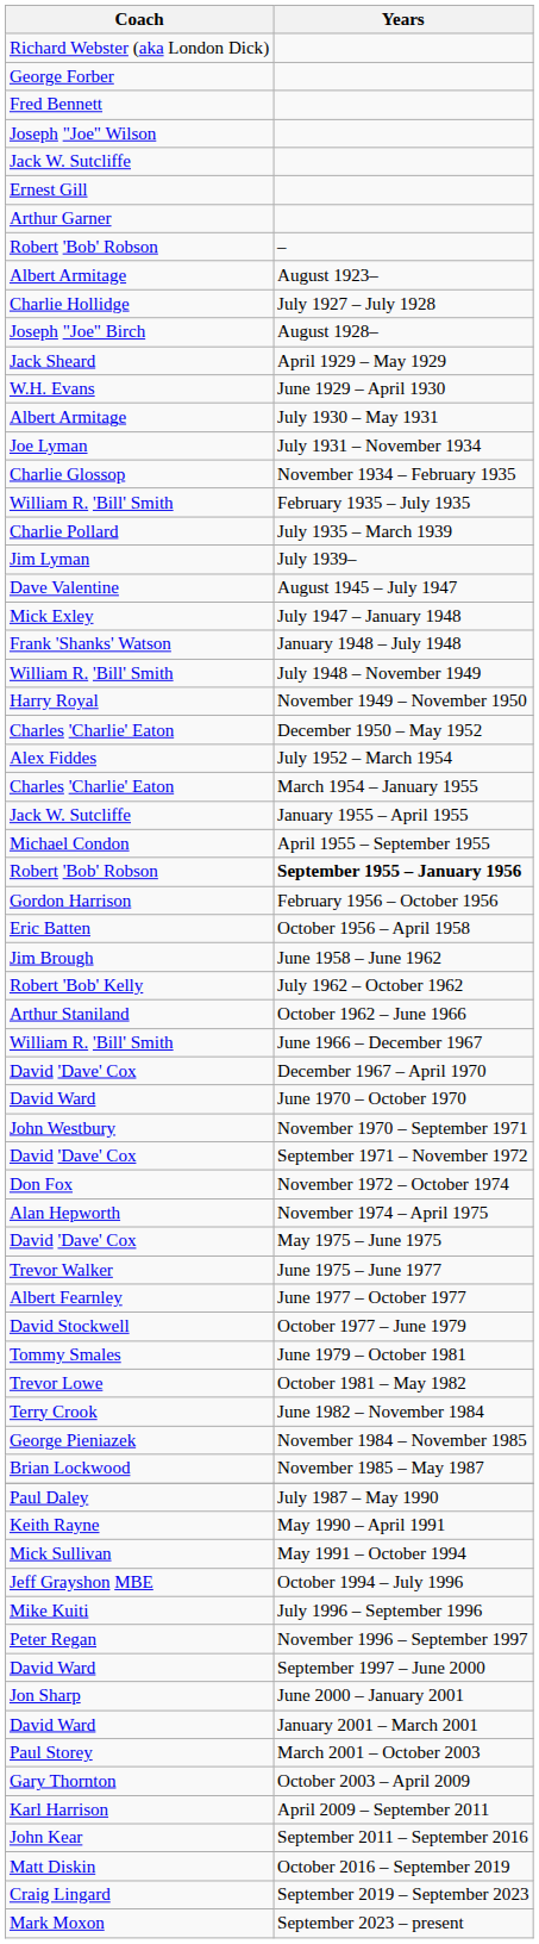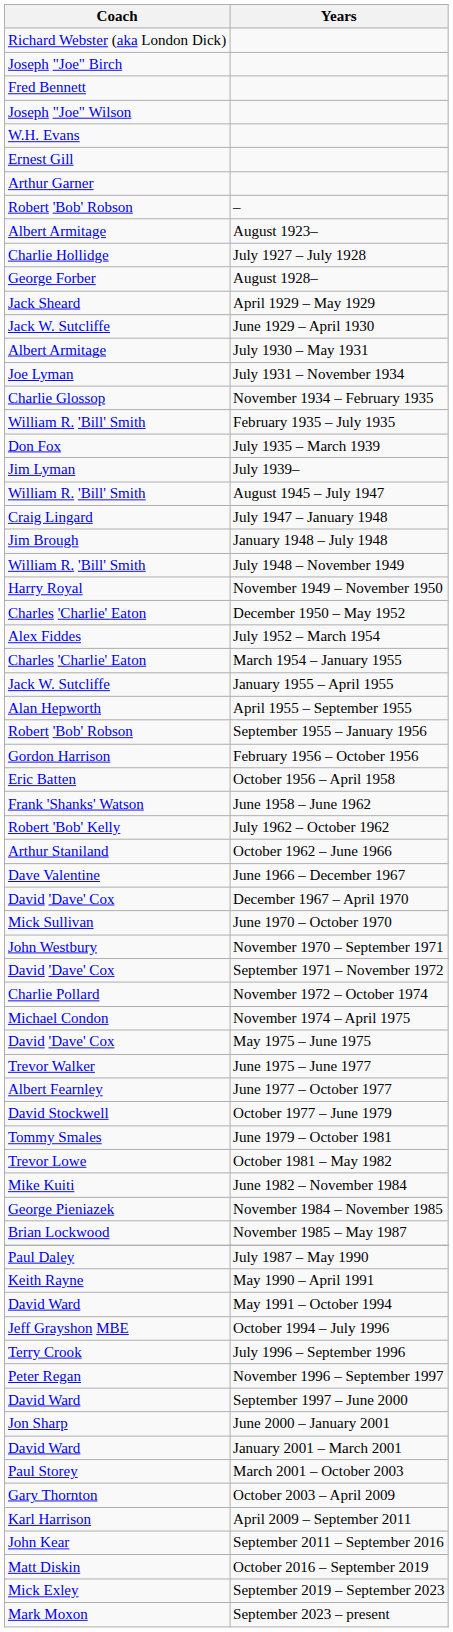 <table class="wikitable">
 <tr>
 <th>Coach</th>
 <th>Years</th>
 </tr>
 <tr>
 <td><a href='#'>Richard Webster</a> (<a href='#'>aka</a> London Dick)</td>
 <td></td>
 </tr>
 <tr>
-<td><a href='#'>George Forber</a></td>
+<td><a href='#'>Joseph</a> <a href='#'>"Joe" Birch</a></td>
 <td></td>
 </tr>
 <tr>
 <td><a href='#'>Fred Bennett</a></td>
 <td></td>
 </tr>
 <tr>
 <td><a href='#'>Joseph</a> <a href='#'>"Joe" Wilson</a></td>
 <td></td>
 </tr>
 <tr>
-<td><a href='#'>Jack W. Sutcliffe</a></td>
+<td><a href='#'>W.H. Evans</a></td>
 <td></td>
 </tr>
 <tr>
 <td><a href='#'>Ernest Gill</a></td>
 <td></td>
 </tr>
 <tr>
 <td><a href='#'>Arthur Garner</a></td>
 <td></td>
 </tr>
 <tr>
 <td><a href='#'>Robert</a> <a href='#'>'Bob' Robson</a></td>
 <td> – </td>
 </tr>
 <tr>
 <td><a href='#'>Albert Armitage</a></td>
 <td>August 1923–</td>
 </tr>
 <tr>
 <td><a href='#'>Charlie Hollidge</a></td>
 <td>July 1927 – July 1928</td>
 </tr>
 <tr>
-<td><a href='#'>Joseph</a> <a href='#'>"Joe" Birch</a></td>
+<td><a href='#'>George Forber</a></td>
 <td>August 1928–</td>
 </tr>
 <tr>
 <td><a href='#'>Jack Sheard</a></td>
 <td>April 1929 – May 1929</td>
 </tr>
 <tr>
-<td><a href='#'>W.H. Evans</a></td>
+<td><a href='#'>Jack W. Sutcliffe</a></td>
 <td>June 1929 – April 1930</td>
 </tr>
 <tr>
 <td><a href='#'>Albert Armitage</a></td>
 <td>July 1930 – May 1931</td>
 </tr>
 <tr>
 <td><a href='#'>Joe Lyman</a></td>
 <td>July 1931 – November 1934</td>
 </tr>
 <tr>
 <td><a href='#'>Charlie Glossop</a></td>
 <td>November 1934 – February 1935</td>
 </tr>
 <tr>
 <td><a href='#'>William R.</a> <a href='#'>'Bill' Smith</a></td>
 <td>February 1935 – July 1935</td>
 </tr>
 <tr>
-<td><a href='#'>Charlie Pollard</a></td>
+<td><a href='#'>Don Fox</a></td>
 <td>July 1935 – March 1939</td>
 </tr>
 <tr>
 <td><a href='#'>Jim Lyman</a></td>
 <td>July 1939–</td>
 </tr>
 <tr>
-<td><a href='#'>Dave Valentine</a></td>
+<td><a href='#'>William R.</a> <a href='#'>'Bill' Smith</a></td>
 <td>August 1945 – July 1947</td>
 </tr>
 <tr>
-<td><a href='#'>Mick Exley</a></td>
+<td><a href='#'>Craig Lingard</a></td>
 <td>July 1947 – January 1948</td>
 </tr>
 <tr>
-<td><a href='#'>Frank 'Shanks' Watson</a></td>
+<td><a href='#'>Jim Brough</a></td>
 <td>January 1948 – July 1948</td>
 </tr>
 <tr>
 <td><a href='#'>William R.</a> <a href='#'>'Bill' Smith</a></td>
 <td>July 1948 – November 1949</td>
 </tr>
 <tr>
 <td><a href='#'>Harry Royal</a></td>
 <td>November 1949 – November 1950</td>
 </tr>
 <tr>
 <td><a href='#'>Charles</a> <a href='#'>'Charlie' Eaton</a></td>
 <td>December 1950 – May 1952</td>
 </tr>
 <tr>
 <td><a href='#'>Alex Fiddes</a></td>
 <td>July 1952 – March 1954</td>
 </tr>
 <tr>
 <td><a href='#'>Charles</a> <a href='#'>'Charlie' Eaton</a></td>
 <td>March 1954 – January 1955</td>
 </tr>
 <tr>
 <td><a href='#'>Jack W. Sutcliffe</a></td>
 <td>January 1955 – April 1955</td>
 </tr>
 <tr>
-<td><a href='#'>Michael Condon</a></td>
+<td><a href='#'>Alan Hepworth</a></td>
 <td>April 1955 – September 1955</td>
 </tr>
 <tr>
 <td><a href='#'>Robert</a> <a href='#'>'Bob' Robson</a></td>
-<td><strong>September 1955 – January 1956</strong></td>
+<td>September 1955 – January 1956</td>
 </tr>
 <tr>
 <td><a href='#'>Gordon Harrison</a></td>
 <td>February 1956 – October 1956</td>
 </tr>
 <tr>
 <td><a href='#'>Eric Batten</a></td>
 <td>October 1956 – April 1958</td>
 </tr>
 <tr>
-<td><a href='#'>Jim Brough</a></td>
+<td><a href='#'>Frank 'Shanks' Watson</a></td>
 <td>June 1958 – June 1962</td>
 </tr>
 <tr>
 <td><a href='#'>Robert 'Bob' Kelly</a></td>
 <td>July 1962 – October 1962</td>
 </tr>
 <tr>
 <td><a href='#'>Arthur Staniland</a></td>
 <td>October 1962 – June 1966</td>
 </tr>
 <tr>
-<td><a href='#'>William R.</a> <a href='#'>'Bill' Smith</a></td>
+<td><a href='#'>Dave Valentine</a></td>
 <td>June 1966 – December 1967</td>
 </tr>
 <tr>
 <td><a href='#'>David</a> <a href='#'>'Dave' Cox</a></td>
 <td>December 1967 – April 1970</td>
 </tr>
 <tr>
-<td><a href='#'>David Ward</a></td>
+<td><a href='#'>Mick Sullivan</a></td>
 <td>June 1970 – October 1970</td>
 </tr>
 <tr>
 <td><a href='#'>John Westbury</a></td>
 <td>November 1970 – September 1971</td>
 </tr>
 <tr>
 <td><a href='#'>David</a> <a href='#'>'Dave' Cox</a></td>
 <td>September 1971 – November 1972</td>
 </tr>
 <tr>
-<td><a href='#'>Don Fox</a></td>
+<td><a href='#'>Charlie Pollard</a></td>
 <td>November 1972 – October 1974</td>
 </tr>
 <tr>
-<td><a href='#'>Alan Hepworth</a></td>
+<td><a href='#'>Michael Condon</a></td>
 <td>November 1974 – April 1975</td>
 </tr>
 <tr>
 <td><a href='#'>David</a> <a href='#'>'Dave' Cox</a></td>
 <td>May 1975 – June 1975</td>
 </tr>
 <tr>
 <td><a href='#'>Trevor Walker</a></td>
 <td>June 1975 – June 1977</td>
 </tr>
 <tr>
 <td><a href='#'>Albert Fearnley</a></td>
 <td>June 1977 – October 1977</td>
 </tr>
 <tr>
 <td><a href='#'>David Stockwell</a></td>
 <td>October 1977 – June 1979</td>
 </tr>
 <tr>
 <td><a href='#'>Tommy Smales</a></td>
 <td>June 1979 – October 1981</td>
 </tr>
 <tr>
 <td><a href='#'>Trevor Lowe</a></td>
 <td>October 1981 – May 1982</td>
 </tr>
 <tr>
-<td><a href='#'>Terry Crook</a></td>
+<td><a href='#'>Mike Kuiti</a></td>
 <td>June 1982 – November 1984</td>
 </tr>
 <tr>
 <td><a href='#'>George Pieniazek</a></td>
 <td>November 1984 – November 1985</td>
 </tr>
 <tr>
 <td><a href='#'>Brian Lockwood</a></td>
 <td>November 1985 – May 1987</td>
 </tr>
 <tr>
 </tr>
 <tr>
 <td><a href='#'>Paul Daley</a></td>
 <td>July 1987 – May 1990</td>
 </tr>
 <tr>
 <td><a href='#'>Keith Rayne</a></td>
 <td>May 1990 – April 1991</td>
 </tr>
 <tr>
-<td><a href='#'>Mick Sullivan</a></td>
+<td><a href='#'>David Ward</a></td>
 <td>May 1991 – October 1994</td>
 </tr>
 <tr>
 <td><a href='#'>Jeff Grayshon</a> <a href='#'>MBE</a></td>
 <td>October 1994 – July 1996</td>
 </tr>
 <tr>
-<td><a href='#'>Mike Kuiti</a></td>
+<td><a href='#'>Terry Crook</a></td>
 <td>July 1996 – September 1996</td>
 </tr>
 <tr>
 <td><a href='#'>Peter Regan</a></td>
 <td>November 1996 – September 1997</td>
 </tr>
 <tr>
 <td><a href='#'>David Ward</a></td>
 <td>September 1997 – June 2000</td>
 </tr>
 <tr>
 <td><a href='#'>Jon Sharp</a></td>
 <td>June 2000 – January 2001</td>
 </tr>
 <tr>
 <td><a href='#'>David Ward</a></td>
 <td>January 2001 – March 2001</td>
 </tr>
 <tr>
 <td><a href='#'>Paul Storey</a></td>
 <td>March 2001 – October 2003</td>
 </tr>
 <tr>
 <td><a href='#'>Gary Thornton</a></td>
 <td>October 2003 – April 2009</td>
 </tr>
 <tr>
 <td><a href='#'>Karl Harrison</a></td>
 <td>April 2009 – September 2011</td>
 </tr>
 <tr>
 <td><a href='#'>John Kear</a></td>
 <td>September 2011 – September 2016</td>
 </tr>
 <tr>
 <td><a href='#'>Matt Diskin</a></td>
 <td>October 2016 – September 2019</td>
 </tr>
 <tr>
-<td><a href='#'>Craig Lingard</a></td>
+<td><a href='#'>Mick Exley</a></td>
 <td>September 2019 – September 2023</td>
 </tr>
 <tr>
 <td><a href='#'>Mark Moxon</a></td>
 <td>September 2023 – present</td>
 </tr>
 </table>
